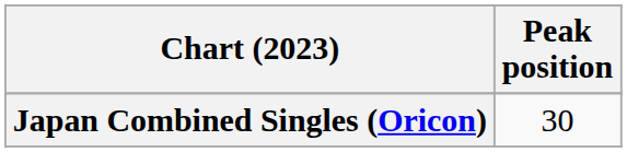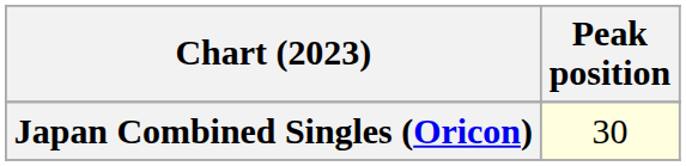 <table class="wikitable sortable plainrowheaders" style="text-align:center">
 <tr>
 <th scope="col">Chart (2023)</th>
 <th scope="col">Peak<br>position</th>
 </tr>
 <tr>
 </tr>
 <tr>
 <th scope="row">Japan Combined Singles (<a href='#'>Oricon</a>)</th>
-<td>30</td>
+<td style="background: lightyellow;">30</td>
 </tr>
 </table>
